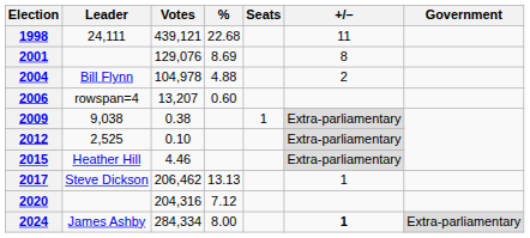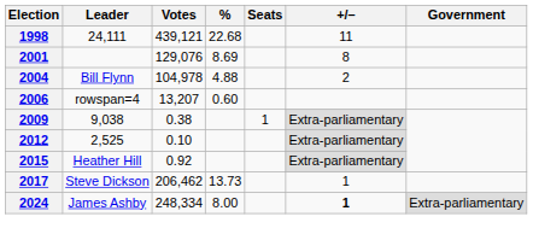 <table class="wikitable sortable" style="text-align:center">
 <tr>
 <th>Election</th>
 <th>Leader</th>
 <th>Votes</th>
 <th>%</th>
 <th>Seats</th>
 <th>+/–</th>
 <th>Government</th>
 </tr>
 <tr>
 <th><a href='#'>1998</a></th>
 <td>24,111</td>
 <td>439,121</td>
 <td>22.68</td>
 <td></td>
 <td> 11</td>
 <td></td>
 </tr>
 <tr>
 <th><a href='#'>2001</a></th>
 <td></td>
 <td>129,076</td>
 <td>8.69</td>
 <td></td>
 <td> 8</td>
 <td></td>
 </tr>
 <tr>
 <th><a href='#'>2004</a></th>
 <td style="text-align:center;"><a href='#'>Bill Flynn</a></td>
 <td>104,978</td>
 <td>4.88</td>
 <td></td>
 <td> 2</td>
 <td></td>
 </tr>
 <tr>
 <th><a href='#'>2006</a></th>
 <td>rowspan=4 </td>
 <td>13,207</td>
 <td>0.60</td>
 <td></td>
 <td></td>
 <td></td>
 </tr>
 <tr>
 <th><a href='#'>2009</a></th>
 <td>9,038</td>
 <td>0.38</td>
 <td></td>
 <td> 1</td>
 <td align=center style="background:#ddd;">Extra-parliamentary</td>
 </tr>
 <tr>
 <th><a href='#'>2012</a></th>
 <td>2,525</td>
 <td>0.10</td>
 <td></td>
 <td></td>
 <td align=center style="background:#ddd;">Extra-parliamentary</td>
 </tr>
 <tr>
 <th><a href='#'>2015</a></th>
 <td style="text-align:center;"><a href='#'>Heather Hill</a></td>
-<td>4.46</td>
+<td>0.92</td>
 <td></td>
 <td></td>
 <td align=center style="background:#ddd;">Extra-parliamentary</td>
 </tr>
 <tr>
 <th><a href='#'>2017</a></th>
 <td style="text-align:center;"><a href='#'>Steve Dickson</a></td>
 <td>206,462</td>
-<td>13.13</td>
+<td>13.73</td>
 <td></td>
 <td> 1</td>
 <td></td>
 </tr>
 <tr>
-<th><a href='#'>2020</a></th>
-<td></td>
-<td>204,316</td>
-<td>7.12</td>
-<td></td>
-<td></td>
-<td></td>
-</tr>
-<tr>
 <th><a href='#'>2024</a></th>
 <td style="text-align:center;"><a href='#'>James Ashby</a></td>
-<td>284,334</td>
+<td>248,334</td>
 <td>8.00</td>
 <td></td>
 <td><strong> 1</strong></td>
 <td align=center style="background:#ddd;">Extra-parliamentary</td>
 </tr>
 </table>
